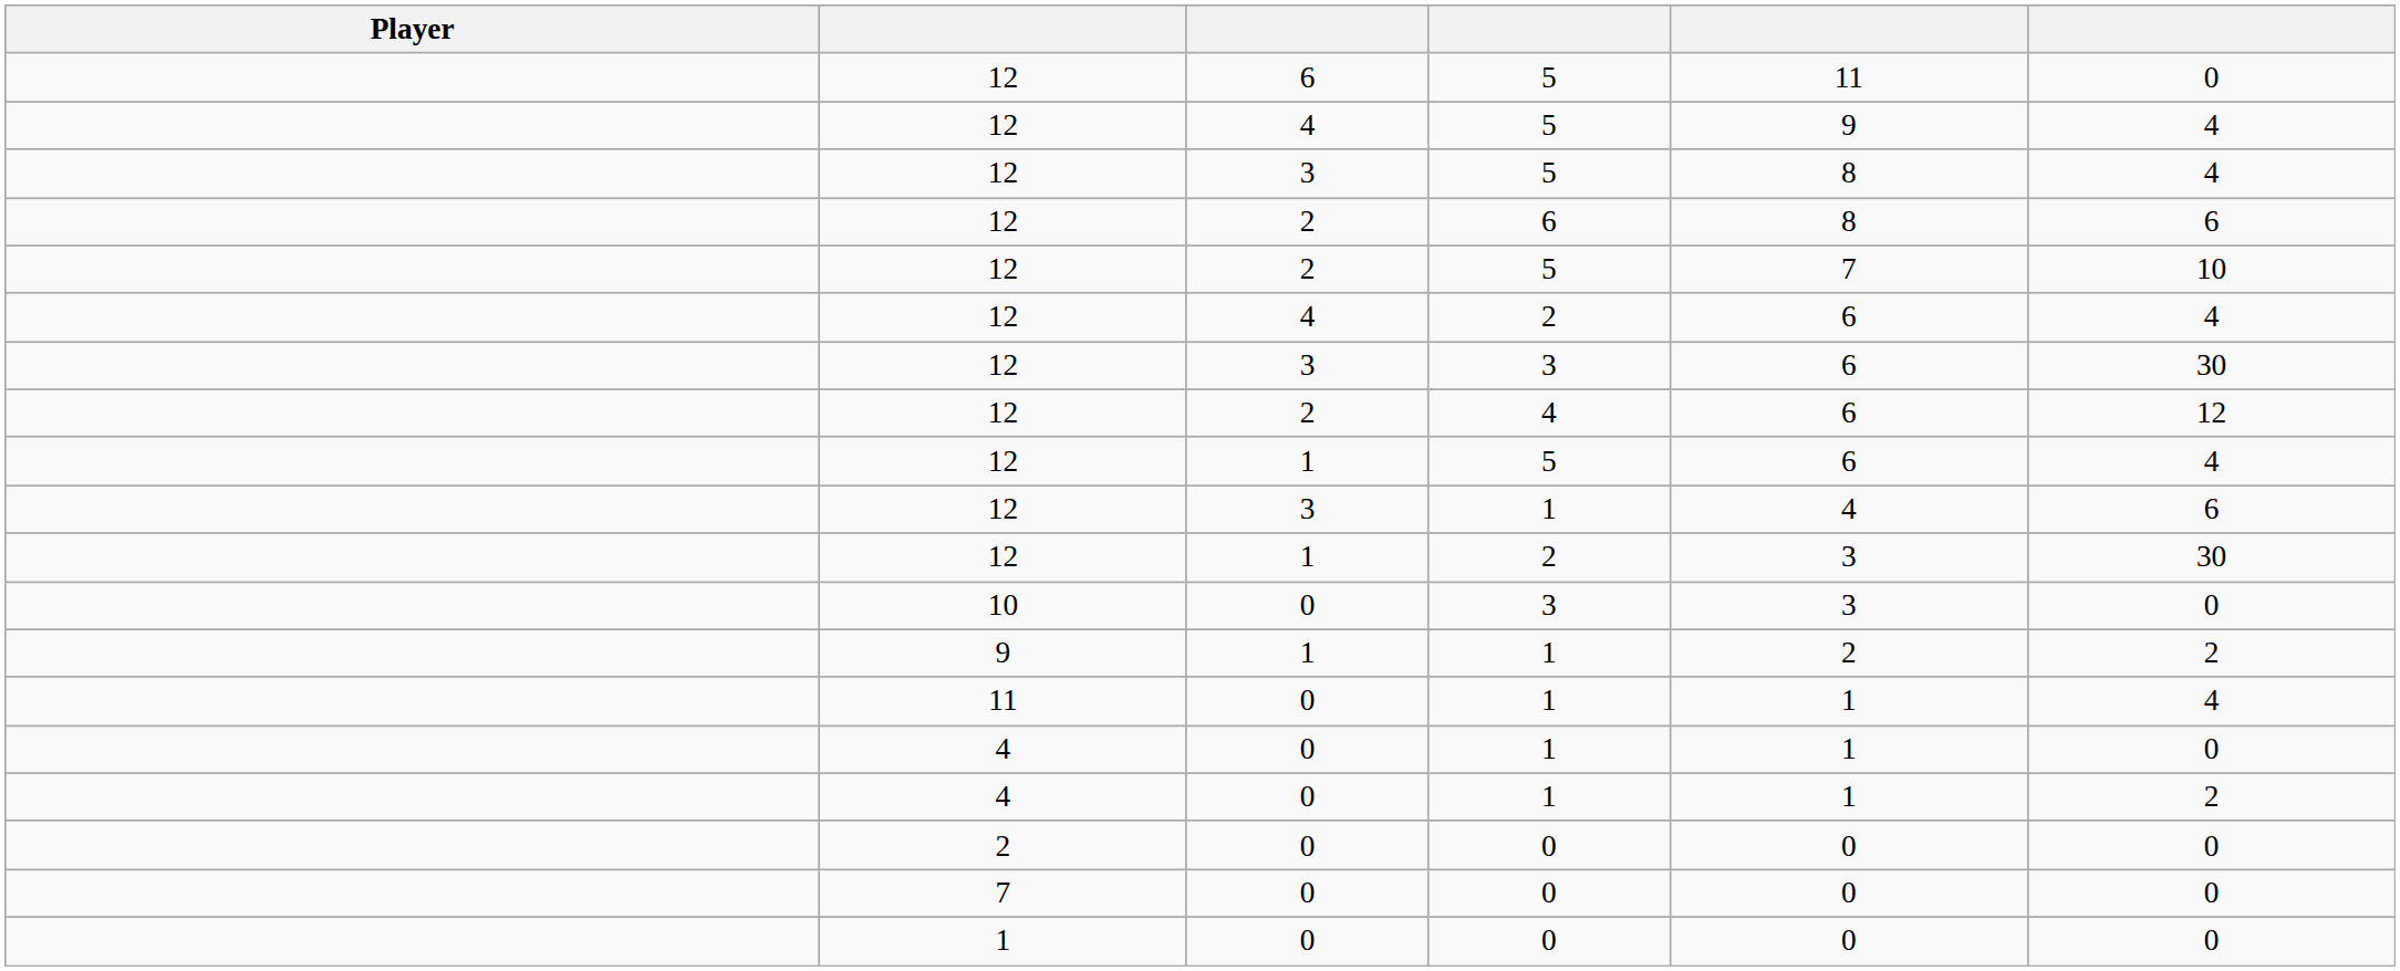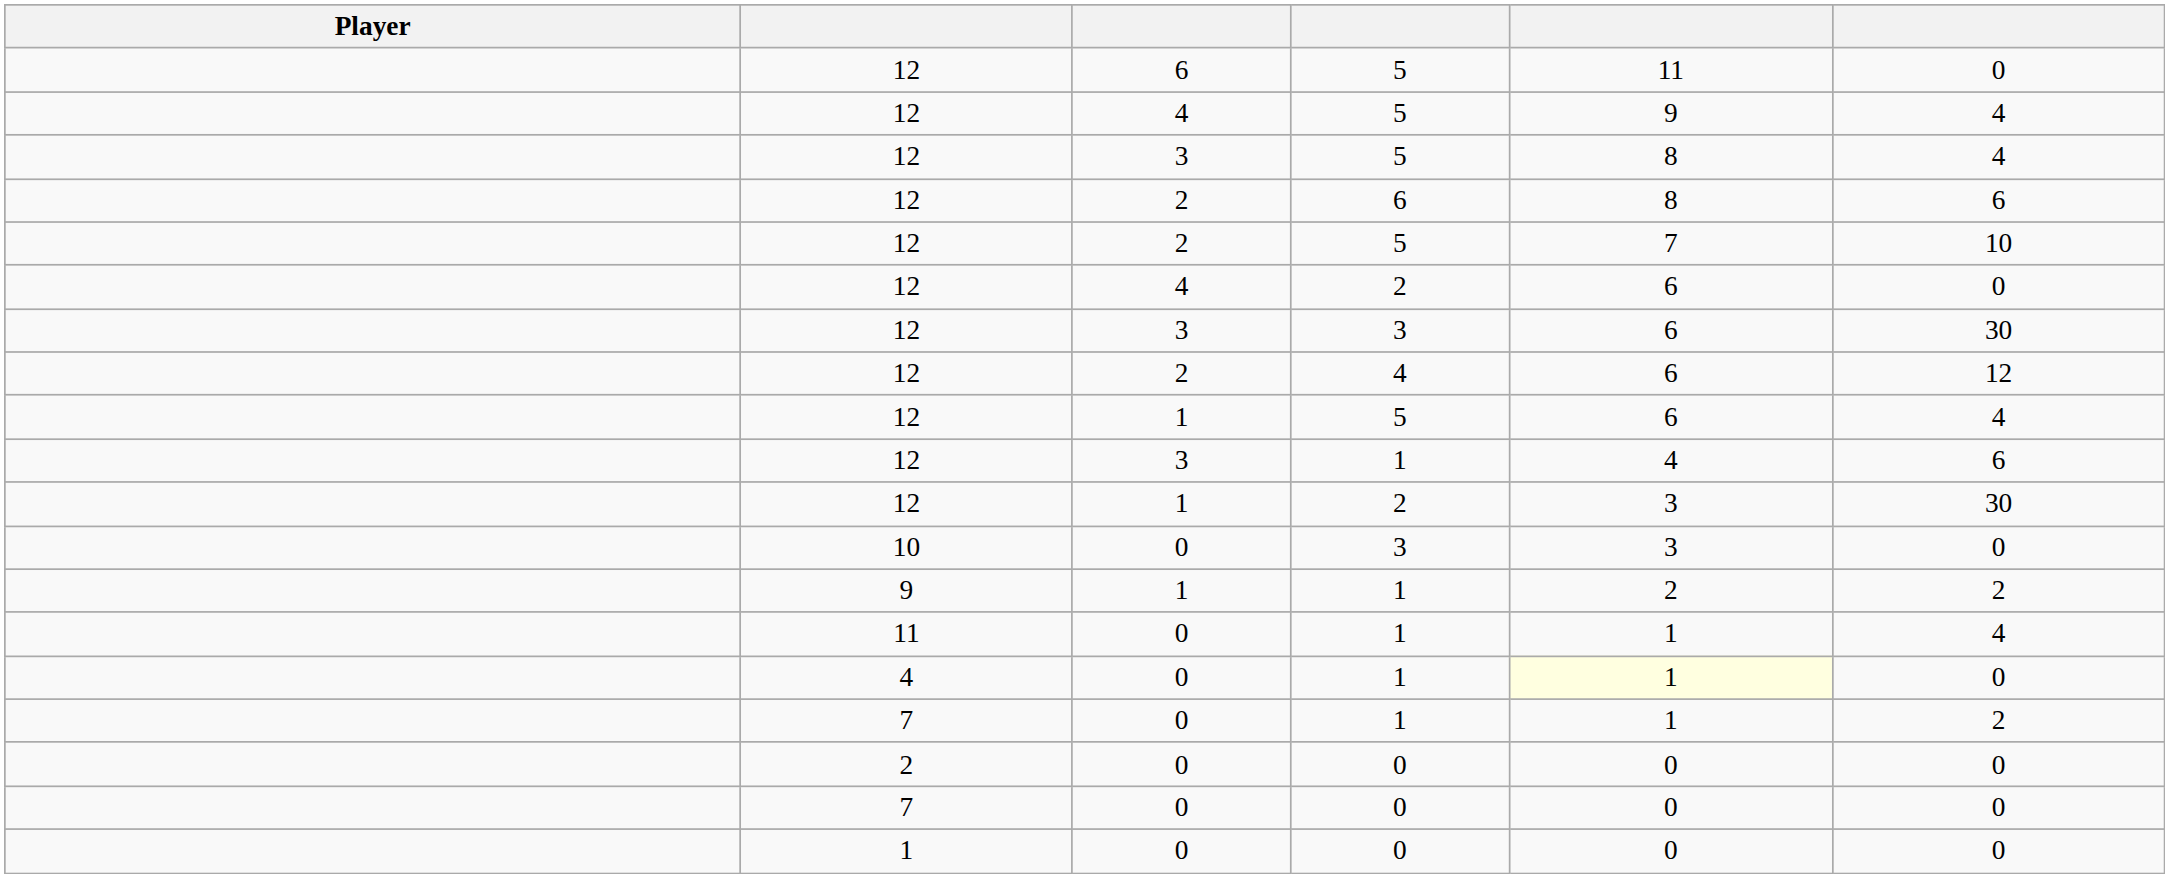 <table class="wikitable sortable" style="width:100%;">
 <tr align=center>
 <th>Player</th>
 <th></th>
 <th></th>
 <th></th>
 <th></th>
 <th></th>
 </tr>
 <tr align=center>
 <td></td>
 <td>12</td>
 <td>6</td>
 <td>5</td>
 <td>11</td>
 <td>0</td>
 </tr>
 <tr align=center>
 <td></td>
 <td>12</td>
 <td>4</td>
 <td>5</td>
 <td>9</td>
 <td>4</td>
 </tr>
 <tr align=center>
 <td></td>
 <td>12</td>
 <td>3</td>
 <td>5</td>
 <td>8</td>
 <td>4</td>
 </tr>
 <tr align=center>
 <td></td>
 <td>12</td>
 <td>2</td>
 <td>6</td>
 <td>8</td>
 <td>6</td>
 </tr>
 <tr align=center>
 <td></td>
 <td>12</td>
 <td>2</td>
 <td>5</td>
 <td>7</td>
 <td>10</td>
 </tr>
 <tr align=center>
 <td></td>
 <td>12</td>
 <td>4</td>
 <td>2</td>
 <td>6</td>
-<td>4</td>
+<td>0</td>
 </tr>
 <tr align=center>
 <td></td>
 <td>12</td>
 <td>3</td>
 <td>3</td>
 <td>6</td>
 <td>30</td>
 </tr>
 <tr align=center>
 <td></td>
 <td>12</td>
 <td>2</td>
 <td>4</td>
 <td>6</td>
 <td>12</td>
 </tr>
 <tr align=center>
 <td></td>
 <td>12</td>
 <td>1</td>
 <td>5</td>
 <td>6</td>
 <td>4</td>
 </tr>
 <tr align=center>
 <td></td>
 <td>12</td>
 <td>3</td>
 <td>1</td>
 <td>4</td>
 <td>6</td>
 </tr>
 <tr align=center>
 <td></td>
 <td>12</td>
 <td>1</td>
 <td>2</td>
 <td>3</td>
 <td>30</td>
 </tr>
 <tr align=center>
 <td></td>
 <td>10</td>
 <td>0</td>
 <td>3</td>
 <td>3</td>
 <td>0</td>
 </tr>
 <tr align=center>
 <td></td>
 <td>9</td>
 <td>1</td>
 <td>1</td>
 <td>2</td>
 <td>2</td>
 </tr>
 <tr align=center>
 <td></td>
 <td>11</td>
 <td>0</td>
 <td>1</td>
 <td>1</td>
 <td>4</td>
 </tr>
 <tr align=center>
 <td></td>
 <td>4</td>
 <td>0</td>
 <td>1</td>
-<td>1</td>
+<td style="background: lightyellow;">1</td>
 <td>0</td>
 </tr>
 <tr align=center>
 <td></td>
-<td>4</td>
+<td>7</td>
 <td>0</td>
 <td>1</td>
 <td>1</td>
 <td>2</td>
 </tr>
 <tr align=center>
 <td></td>
 <td>2</td>
 <td>0</td>
 <td>0</td>
 <td>0</td>
 <td>0</td>
 </tr>
 <tr align=center>
 <td></td>
 <td>7</td>
 <td>0</td>
 <td>0</td>
 <td>0</td>
 <td>0</td>
 </tr>
 <tr align=center>
 <td></td>
 <td>1</td>
 <td>0</td>
 <td>0</td>
 <td>0</td>
 <td>0</td>
 </tr>
 </table>
